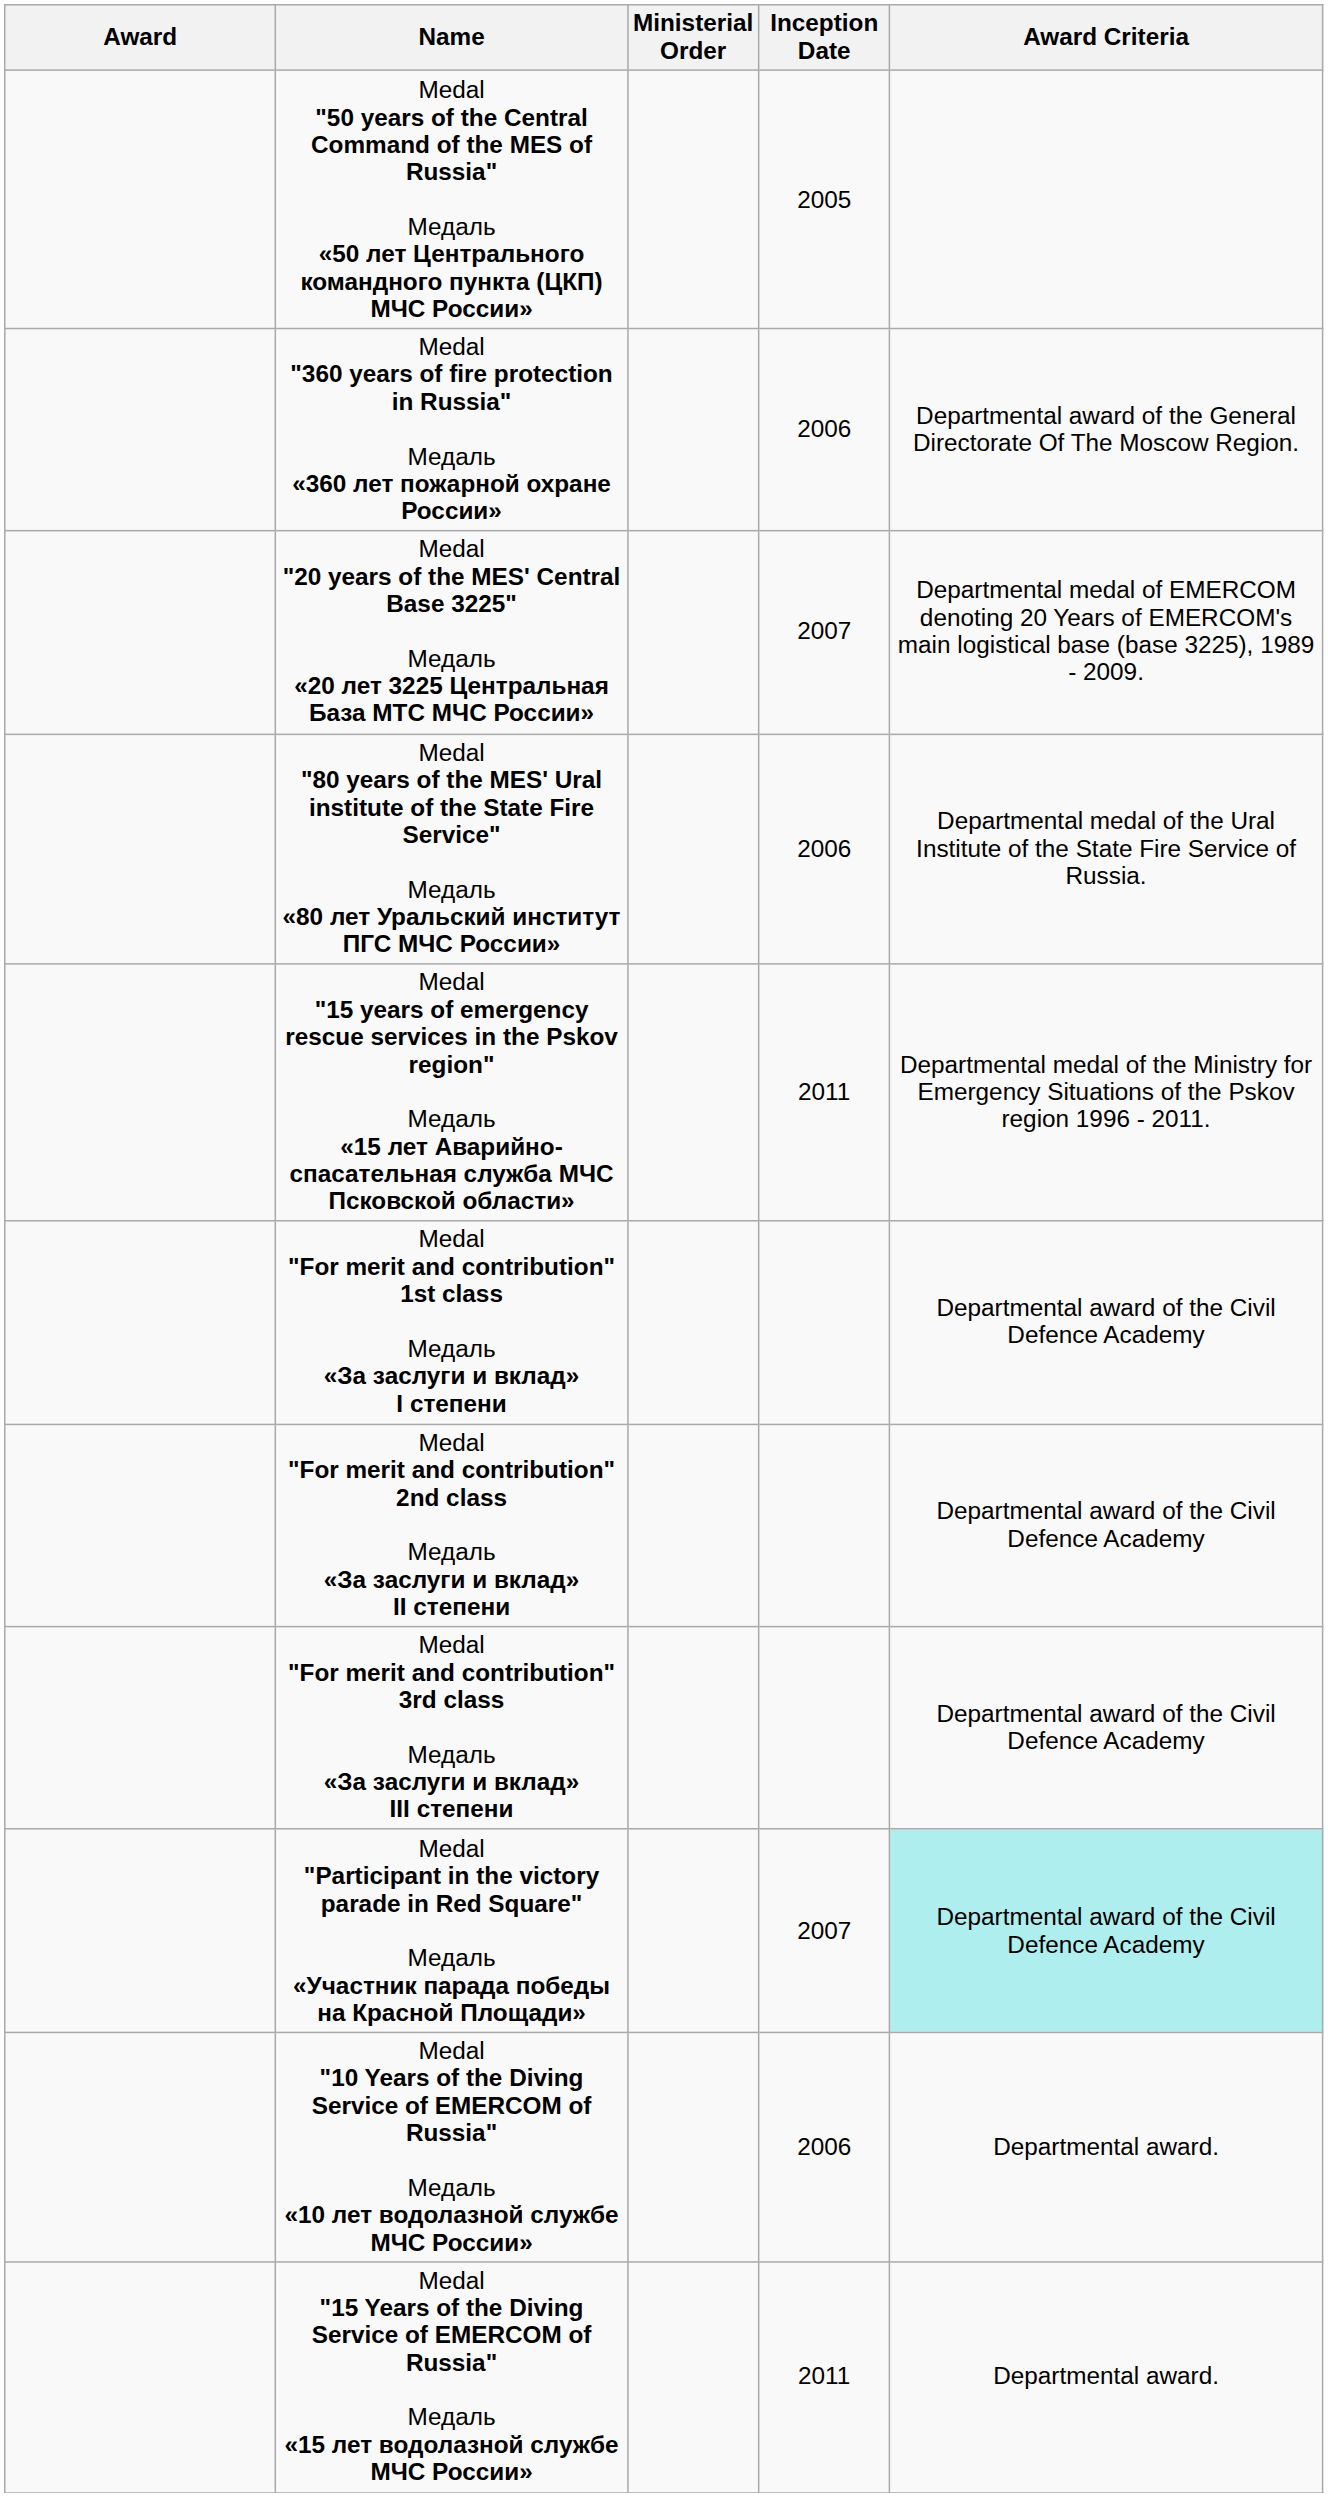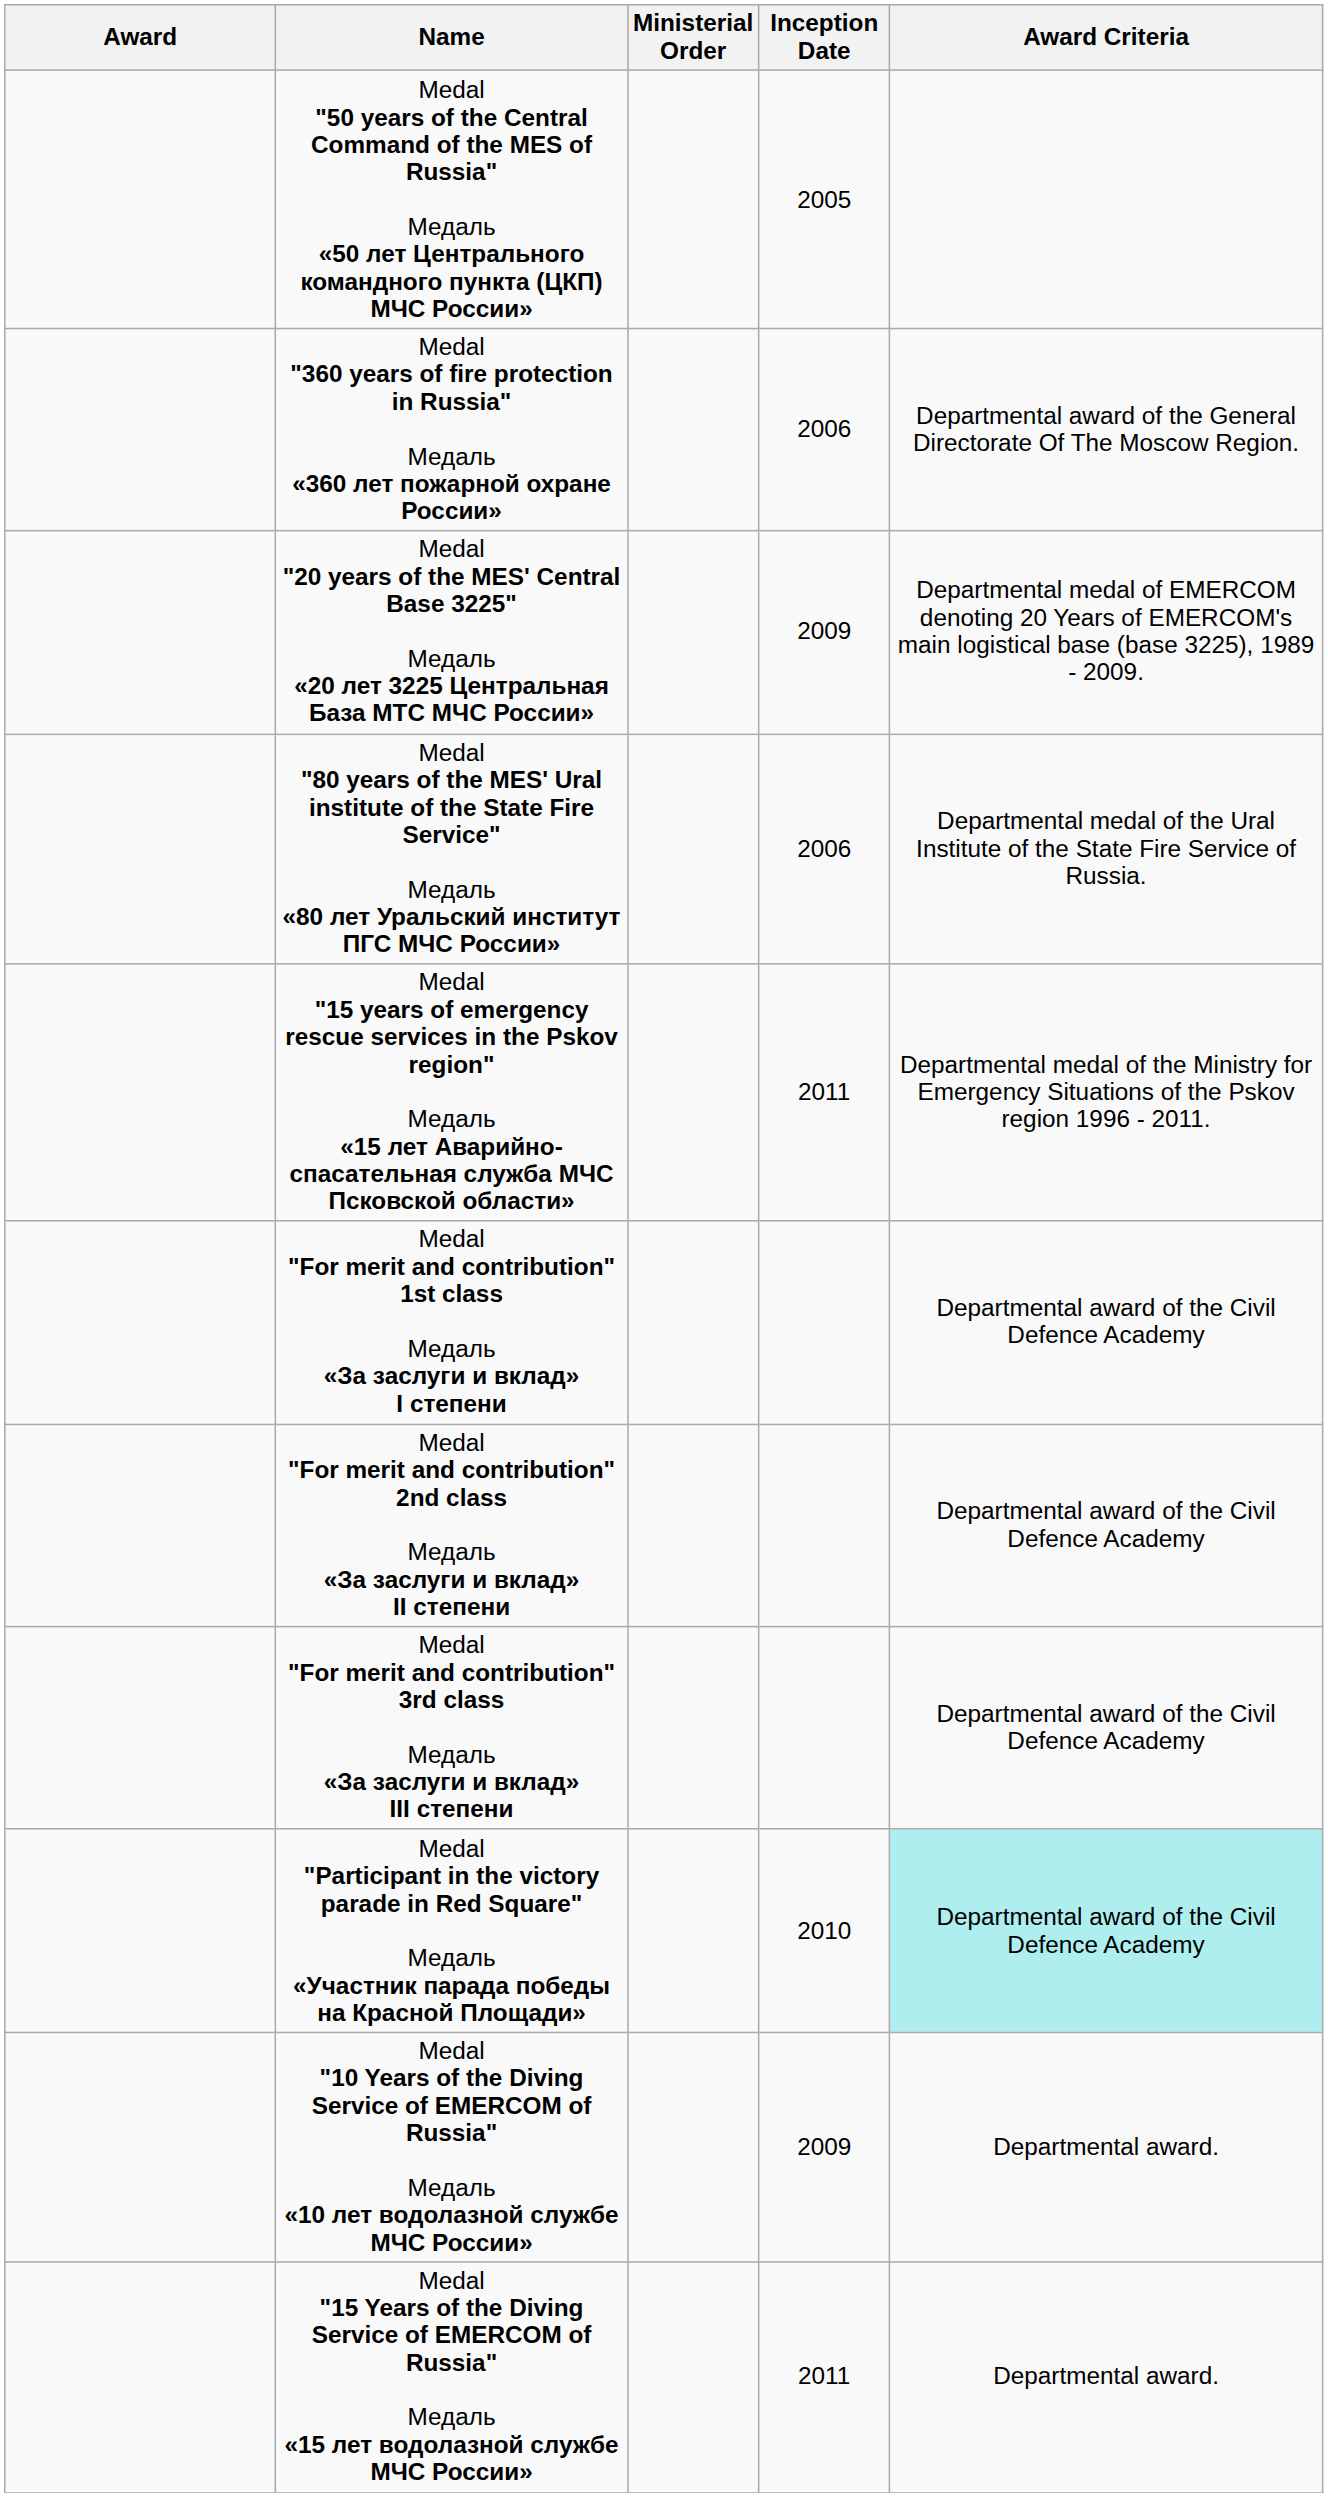 <table class="wikitable sortable" style="text-align:center">
 <tr>
 <th style="width:22%">Award</th>
 <th style="width:28%">Name </th>
 <th>Ministerial Order</th>
 <th style="width:10%">Inception Date</th>
 <th style="width:35%">Award Criteria</th>
 </tr>
 <tr>
 <td><br></td>
 <td>Medal<br><strong>"50 years of the Central Command of the MES of Russia"</strong><br><br>Медаль<br><strong>«50 лет Центрального командного пункта (ЦКП) МЧС России»</strong></td>
 <td></td>
 <td>2005</td>
 <td></td>
 </tr>
 <tr>
 <td><br></td>
 <td>Medal<br><strong>"360 years of fire protection in Russia"</strong><br><br>Медаль<br><strong>«360 лет пожарной охране России»</strong></td>
 <td></td>
 <td>2006</td>
 <td>Departmental award of the General Directorate Of The Moscow Region.</td>
 </tr>
 <tr>
 <td><br></td>
 <td>Medal<br><strong>"20 years of the MES' Central Base 3225"</strong><br><br>Медаль<br><strong>«20 лет 3225 Центральная База МТС МЧС России»</strong></td>
 <td></td>
-<td>2007</td>
+<td>2009</td>
 <td>Departmental medal of EMERCOM denoting 20 Years of EMERCOM's main logistical base (base 3225), 1989 - 2009.</td>
 </tr>
 <tr>
 <td><br></td>
 <td>Medal<br><strong>"80 years of the MES' Ural institute of the State Fire Service"</strong><br><br>Медаль<br><strong>«80 лет Уральский институт ПГС МЧС России»</strong></td>
 <td></td>
 <td>2006</td>
 <td>Departmental medal of the Ural Institute of the State Fire Service of Russia.</td>
 </tr>
 <tr>
 <td><br></td>
 <td>Medal<br><strong>"15 years of emergency rescue services in the Pskov region"</strong><br><br>Медаль<br><strong>«15 лет Аварийно-спасательная служба МЧС Псковской области»</strong></td>
 <td></td>
 <td>2011</td>
 <td>Departmental medal of the Ministry for Emergency Situations of the Pskov region 1996 - 2011.</td>
 </tr>
 <tr>
 <td><br></td>
 <td>Medal<br><strong>"For merit and contribution"<br>1st class</strong><br><br>Медаль<br><strong>«За заслуги и вклад»<br>I степени</strong></td>
 <td></td>
 <td></td>
 <td>Departmental award of the Civil Defence Academy</td>
 </tr>
 <tr>
 <td><br></td>
 <td>Medal<br><strong>"For merit and contribution"<br>2nd class </strong><br><br>Медаль<br><strong>«За заслуги и вклад»<br>II степени</strong></td>
 <td></td>
 <td></td>
 <td>Departmental award of the Civil Defence Academy</td>
 </tr>
 <tr>
 <td><br></td>
 <td>Medal<br><strong>"For merit and contribution"<br>3rd class </strong><br><br>Медаль<br><strong>«За заслуги и вклад»<br>III степени</strong></td>
 <td></td>
 <td></td>
 <td>Departmental award of the Civil Defence Academy</td>
 </tr>
 <tr>
 <td><br></td>
 <td>Medal<br><strong>"Participant in the victory parade in Red Square"</strong><br><br>Медаль<br><strong>«Участник парада победы на Красной Площади»</strong></td>
 <td></td>
-<td>2007</td>
+<td>2010</td>
 <td style="background: paleturquoise;">Departmental award of the Civil Defence Academy</td>
 </tr>
 <tr>
 <td><br></td>
 <td>Medal<br><strong>"10 Years of the Diving Service of EMERCOM of Russia"</strong><br><br>Медаль<br><strong>«10 лет водолазной службе МЧС России»</strong></td>
 <td></td>
-<td>2006</td>
+<td>2009</td>
 <td>Departmental award.</td>
 </tr>
 <tr>
 <td><br></td>
 <td>Medal<br><strong>"15 Years of the Diving Service of EMERCOM of Russia"</strong><br><br>Медаль<br><strong>«15 лет водолазной службе МЧС России»</strong></td>
 <td></td>
 <td>2011</td>
 <td>Departmental award.</td>
 </tr>
 </table>
